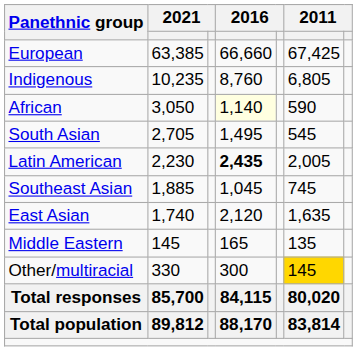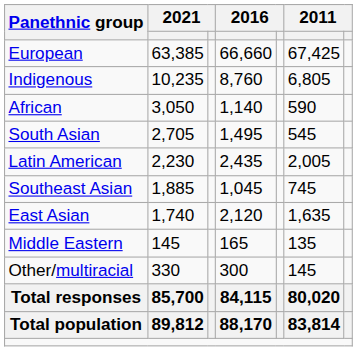 <table class="wikitable collapsible sortable">
 <tr>
 <th rowspan="2"><a href='#'>Panethnic</a> group</th>
 <th colspan="2">2021</th>
 <th colspan="2">2016</th>
 <th colspan="2">2011</th>
 </tr>
 <tr>
 <th><a href='#'></a></th>
 <th></th>
 <th></th>
 <th></th>
 <th></th>
 <th></th>
 </tr>
 <tr>
 <td><a href='#'>European</a></td>
 <td>63,385</td>
 <td></td>
 <td>66,660</td>
 <td></td>
 <td>67,425</td>
 <td></td>
 </tr>
 <tr>
 <td><a href='#'>Indigenous</a></td>
 <td>10,235</td>
 <td></td>
 <td>8,760</td>
 <td></td>
 <td>6,805</td>
 <td></td>
 </tr>
 <tr>
 <td><a href='#'>African</a></td>
 <td>3,050</td>
 <td></td>
-<td style="background: lightyellow;">1,140</td>
+<td>1,140</td>
 <td></td>
 <td>590</td>
 <td></td>
 </tr>
 <tr>
 <td><a href='#'>South Asian</a></td>
 <td>2,705</td>
 <td></td>
 <td>1,495</td>
 <td></td>
 <td>545</td>
 <td></td>
 </tr>
 <tr>
 <td><a href='#'>Latin American</a></td>
 <td>2,230</td>
 <td></td>
-<td><strong>2,435</strong></td>
+<td>2,435</td>
 <td></td>
 <td>2,005</td>
 <td></td>
 </tr>
 <tr>
 <td><a href='#'>Southeast Asian</a></td>
 <td>1,885</td>
 <td></td>
 <td>1,045</td>
 <td></td>
 <td>745</td>
 <td></td>
 </tr>
 <tr>
 <td><a href='#'>East Asian</a></td>
 <td>1,740</td>
 <td></td>
 <td>2,120</td>
 <td></td>
 <td>1,635</td>
 <td></td>
 </tr>
 <tr>
 <td><a href='#'>Middle Eastern</a></td>
 <td>145</td>
 <td></td>
 <td>165</td>
 <td></td>
 <td>135</td>
 <td></td>
 </tr>
 <tr>
 <td>Other/<a href='#'>multiracial</a></td>
 <td>330</td>
 <td></td>
 <td>300</td>
 <td></td>
-<td style="background: gold;">145</td>
+<td>145</td>
 <td></td>
 </tr>
 <tr>
 <th>Total responses</th>
 <th>85,700</th>
 <th></th>
 <th>84,115</th>
 <th></th>
 <th>80,020</th>
 <th></th>
 </tr>
 <tr class="sortbottom">
 <th>Total population</th>
 <th>89,812</th>
 <th></th>
 <th>88,170</th>
 <th></th>
 <th>83,814</th>
 <th></th>
 </tr>
 <tr class="sortbottom">
 <td colspan="15"></td>
 </tr>
 </table>
